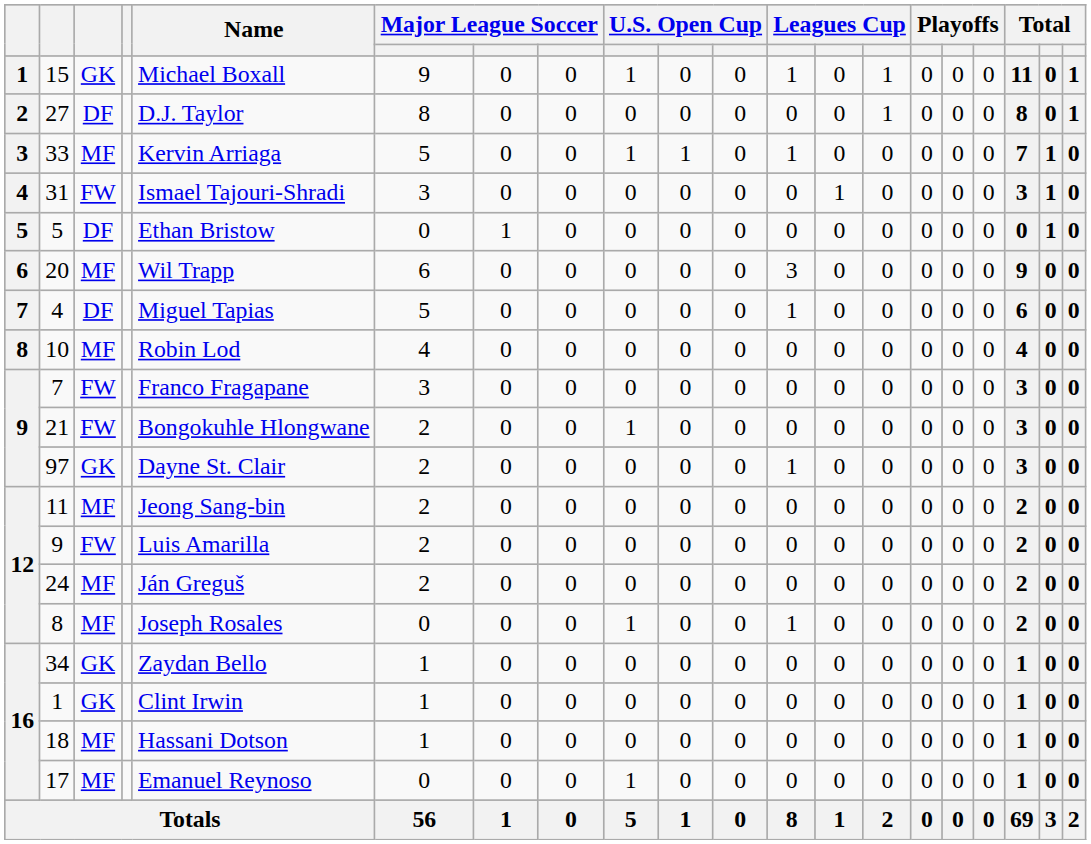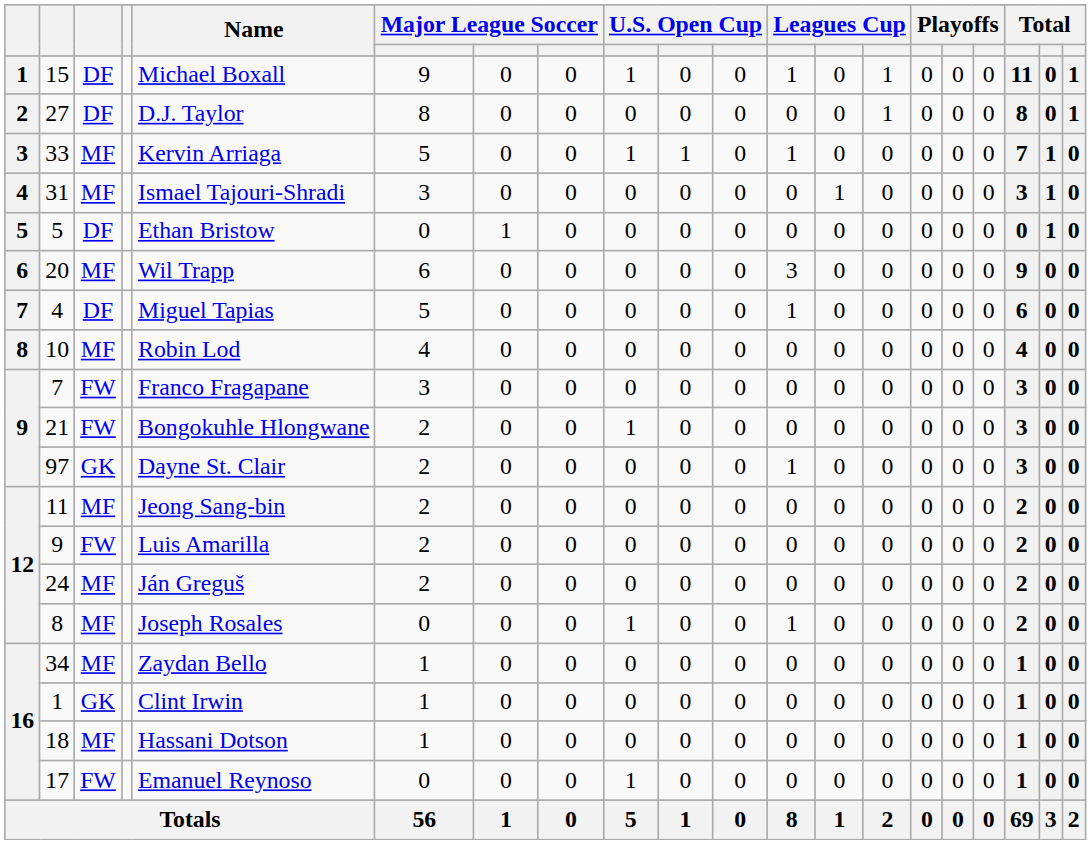 <table class="wikitable sortable" style="text-align:center; font-size:90%;" >
 <tr>
 <th rowspan="2"></th>
 <th rowspan="2"></th>
 <th rowspan="2"></th>
 <th rowspan="2"></th>
 <th rowspan="2">Name</th>
 <th colspan="3"><a href='#'>Major League Soccer</a></th>
 <th colspan="3"><a href='#'>U.S. Open Cup</a></th>
 <th colspan="3"><a href='#'>Leagues Cup</a></th>
 <th colspan="3">Playoffs</th>
 <th colspan="3">Total</th>
 </tr>
 <tr>
 <th></th>
 <th></th>
 <th></th>
 <th></th>
 <th></th>
 <th></th>
 <th></th>
 <th></th>
 <th></th>
 <th></th>
 <th></th>
 <th></th>
 <th></th>
 <th></th>
 <th></th>
 </tr>
 <tr>
 <th>1</th>
 <td>15</td>
-<td><a href='#'>GK</a></td>
+<td><a href='#'>DF</a></td>
 <td></td>
 <td align="left"><a href='#'>Michael Boxall</a><br></td>
 <td>9</td>
 <td>0</td>
 <td>0<br></td>
 <td>1</td>
 <td>0</td>
 <td>0<br></td>
 <td>1</td>
 <td>0</td>
 <td>1<br></td>
 <td>0</td>
 <td>0</td>
 <td>0<br></td>
 <th>11</th>
 <th>0</th>
 <th>1</th>
 </tr>
 <tr>
 <th>2</th>
 <td>27</td>
 <td><a href='#'>DF</a></td>
 <td></td>
 <td align="left"><a href='#'>D.J. Taylor</a><br></td>
 <td>8</td>
 <td>0</td>
 <td>0<br></td>
 <td>0</td>
 <td>0</td>
 <td>0<br></td>
 <td>0</td>
 <td>0</td>
 <td>1<br></td>
 <td>0</td>
 <td>0</td>
 <td>0<br></td>
 <th>8</th>
 <th>0</th>
 <th>1</th>
 </tr>
 <tr>
 <th>3</th>
 <td>33</td>
 <td><a href='#'>MF</a></td>
 <td></td>
 <td align="left"><a href='#'>Kervin Arriaga</a><br></td>
 <td>5</td>
 <td>0</td>
 <td>0<br></td>
 <td>1</td>
 <td>1</td>
 <td>0<br></td>
 <td>1</td>
 <td>0</td>
 <td>0<br></td>
 <td>0</td>
 <td>0</td>
 <td>0<br></td>
 <th>7</th>
 <th>1</th>
 <th>0</th>
 </tr>
 <tr>
 <th>4</th>
 <td>31</td>
-<td><a href='#'>FW</a></td>
+<td><a href='#'>MF</a></td>
 <td></td>
 <td align="left"><a href='#'>Ismael Tajouri-Shradi</a><br></td>
 <td>3</td>
 <td>0</td>
 <td>0<br></td>
 <td>0</td>
 <td>0</td>
 <td>0<br></td>
 <td>0</td>
 <td>1</td>
 <td>0<br></td>
 <td>0</td>
 <td>0</td>
 <td>0<br></td>
 <th>3</th>
 <th>1</th>
 <th>0</th>
 </tr>
 <tr>
 <th>5</th>
 <td>5</td>
 <td><a href='#'>DF</a></td>
 <td></td>
 <td align="left"><a href='#'>Ethan Bristow</a><br></td>
 <td>0</td>
 <td>1</td>
 <td>0<br></td>
 <td>0</td>
 <td>0</td>
 <td>0<br></td>
 <td>0</td>
 <td>0</td>
 <td>0<br></td>
 <td>0</td>
 <td>0</td>
 <td>0<br></td>
 <th>0</th>
 <th>1</th>
 <th>0</th>
 </tr>
 <tr>
 <th>6</th>
 <td>20</td>
 <td><a href='#'>MF</a></td>
 <td></td>
 <td align="left"><a href='#'>Wil Trapp</a><br></td>
 <td>6</td>
 <td>0</td>
 <td>0<br></td>
 <td>0</td>
 <td>0</td>
 <td>0<br></td>
 <td>3</td>
 <td>0</td>
 <td>0<br></td>
 <td>0</td>
 <td>0</td>
 <td>0<br></td>
 <th>9</th>
 <th>0</th>
 <th>0</th>
 </tr>
 <tr>
 <th>7</th>
 <td>4</td>
 <td><a href='#'>DF</a></td>
 <td></td>
 <td align="left"><a href='#'>Miguel Tapias</a><br></td>
 <td>5</td>
 <td>0</td>
 <td>0<br></td>
 <td>0</td>
 <td>0</td>
 <td>0<br></td>
 <td>1</td>
 <td>0</td>
 <td>0<br></td>
 <td>0</td>
 <td>0</td>
 <td>0<br></td>
 <th>6</th>
 <th>0</th>
 <th>0</th>
 </tr>
 <tr>
 <th>8</th>
 <td>10</td>
 <td><a href='#'>MF</a></td>
 <td></td>
 <td align="left"><a href='#'>Robin Lod</a><br></td>
 <td>4</td>
 <td>0</td>
 <td>0<br></td>
 <td>0</td>
 <td>0</td>
 <td>0<br></td>
 <td>0</td>
 <td>0</td>
 <td>0<br></td>
 <td>0</td>
 <td>0</td>
 <td>0<br></td>
 <th>4</th>
 <th>0</th>
 <th>0</th>
 </tr>
 <tr>
 <th rowspan="3">9</th>
 <td>7</td>
 <td><a href='#'>FW</a></td>
 <td></td>
 <td align="left"><a href='#'>Franco Fragapane</a><br></td>
 <td>3</td>
 <td>0</td>
 <td>0<br></td>
 <td>0</td>
 <td>0</td>
 <td>0<br></td>
 <td>0</td>
 <td>0</td>
 <td>0<br></td>
 <td>0</td>
 <td>0</td>
 <td>0<br></td>
 <th>3</th>
 <th>0</th>
 <th>0</th>
 </tr>
 <tr>
 <td>21</td>
 <td><a href='#'>FW</a></td>
 <td></td>
 <td align="left"><a href='#'>Bongokuhle Hlongwane</a><br></td>
 <td>2</td>
 <td>0</td>
 <td>0<br></td>
 <td>1</td>
 <td>0</td>
 <td>0<br></td>
 <td>0</td>
 <td>0</td>
 <td>0<br></td>
 <td>0</td>
 <td>0</td>
 <td>0<br></td>
 <th>3</th>
 <th>0</th>
 <th>0</th>
 </tr>
 <tr>
 <td>97</td>
 <td><a href='#'>GK</a></td>
 <td></td>
 <td align="left"><a href='#'>Dayne St. Clair</a><br></td>
 <td>2</td>
 <td>0</td>
 <td>0<br></td>
 <td>0</td>
 <td>0</td>
 <td>0<br></td>
 <td>1</td>
 <td>0</td>
 <td>0<br></td>
 <td>0</td>
 <td>0</td>
 <td>0<br></td>
 <th>3</th>
 <th>0</th>
 <th>0</th>
 </tr>
 <tr>
 <th rowspan="4">12</th>
 <td>11</td>
 <td><a href='#'>MF</a></td>
 <td></td>
 <td align="left"><a href='#'>Jeong Sang-bin</a><br></td>
 <td>2</td>
 <td>0</td>
 <td>0<br></td>
 <td>0</td>
 <td>0</td>
 <td>0<br></td>
 <td>0</td>
 <td>0</td>
 <td>0<br></td>
 <td>0</td>
 <td>0</td>
 <td>0<br></td>
 <th>2</th>
 <th>0</th>
 <th>0</th>
 </tr>
 <tr>
 <td>9</td>
 <td><a href='#'>FW</a></td>
 <td></td>
 <td align="left"><a href='#'>Luis Amarilla</a><br></td>
 <td>2</td>
 <td>0</td>
 <td>0<br></td>
 <td>0</td>
 <td>0</td>
 <td>0<br></td>
 <td>0</td>
 <td>0</td>
 <td>0<br></td>
 <td>0</td>
 <td>0</td>
 <td>0<br></td>
 <th>2</th>
 <th>0</th>
 <th>0</th>
 </tr>
 <tr>
 <td>24</td>
 <td><a href='#'>MF</a></td>
 <td></td>
 <td align="left"><a href='#'>Ján Greguš</a><br></td>
 <td>2</td>
 <td>0</td>
 <td>0<br></td>
 <td>0</td>
 <td>0</td>
 <td>0<br></td>
 <td>0</td>
 <td>0</td>
 <td>0<br></td>
 <td>0</td>
 <td>0</td>
 <td>0<br></td>
 <th>2</th>
 <th>0</th>
 <th>0</th>
 </tr>
 <tr>
 <td>8</td>
 <td><a href='#'>MF</a></td>
 <td></td>
 <td align="left"><a href='#'>Joseph Rosales</a><br></td>
 <td>0</td>
 <td>0</td>
 <td>0<br></td>
 <td>1</td>
 <td>0</td>
 <td>0<br></td>
 <td>1</td>
 <td>0</td>
 <td>0<br></td>
 <td>0</td>
 <td>0</td>
 <td>0<br></td>
 <th>2</th>
 <th>0</th>
 <th>0</th>
 </tr>
 <tr>
 <th rowspan="4">16</th>
 <td>34</td>
-<td><a href='#'>GK</a></td>
+<td><a href='#'>MF</a></td>
 <td></td>
 <td align="left"><a href='#'>Zaydan Bello</a><br></td>
 <td>1</td>
 <td>0</td>
 <td>0<br></td>
 <td>0</td>
 <td>0</td>
 <td>0<br></td>
 <td>0</td>
 <td>0</td>
 <td>0<br></td>
 <td>0</td>
 <td>0</td>
 <td>0<br></td>
 <th>1</th>
 <th>0</th>
 <th>0</th>
 </tr>
 <tr>
 <td>1</td>
 <td><a href='#'>GK</a></td>
 <td></td>
 <td align="left"><a href='#'>Clint Irwin</a><br></td>
 <td>1</td>
 <td>0</td>
 <td>0<br></td>
 <td>0</td>
 <td>0</td>
 <td>0<br></td>
 <td>0</td>
 <td>0</td>
 <td>0<br></td>
 <td>0</td>
 <td>0</td>
 <td>0<br></td>
 <th>1</th>
 <th>0</th>
 <th>0</th>
 </tr>
 <tr>
 <td>18</td>
 <td><a href='#'>MF</a></td>
 <td></td>
 <td align="left"><a href='#'>Hassani Dotson</a><br></td>
 <td>1</td>
 <td>0</td>
 <td>0<br></td>
 <td>0</td>
 <td>0</td>
 <td>0<br></td>
 <td>0</td>
 <td>0</td>
 <td>0<br></td>
 <td>0</td>
 <td>0</td>
 <td>0<br></td>
 <th>1</th>
 <th>0</th>
 <th>0</th>
 </tr>
 <tr>
 <td>17</td>
-<td><a href='#'>MF</a></td>
+<td><a href='#'>FW</a></td>
 <td></td>
 <td align="left"><a href='#'>Emanuel Reynoso</a><br></td>
 <td>0</td>
 <td>0</td>
 <td>0<br></td>
 <td>1</td>
 <td>0</td>
 <td>0<br></td>
 <td>0</td>
 <td>0</td>
 <td>0<br></td>
 <td>0</td>
 <td>0</td>
 <td>0<br></td>
 <th>1</th>
 <th>0</th>
 <th>0</th>
 </tr>
 <tr>
 <th colspan="5">Totals</th>
 <th>56</th>
 <th>1</th>
 <th>0</th>
 <th>5</th>
 <th>1</th>
 <th>0</th>
 <th>8</th>
 <th>1</th>
 <th>2</th>
 <th>0</th>
 <th>0</th>
 <th>0</th>
 <th>69</th>
 <th>3</th>
 <th>2</th>
 </tr>
 </table>
